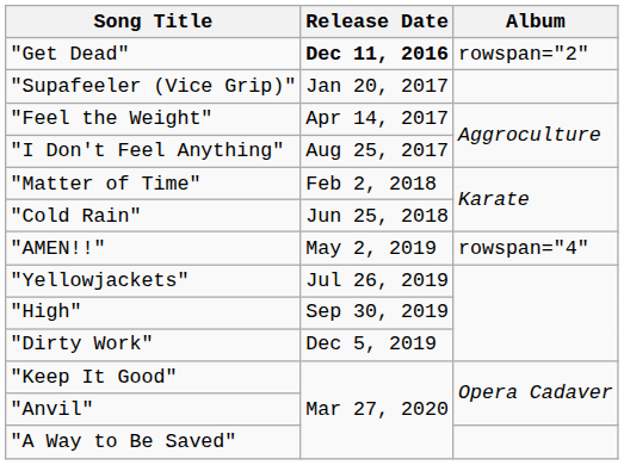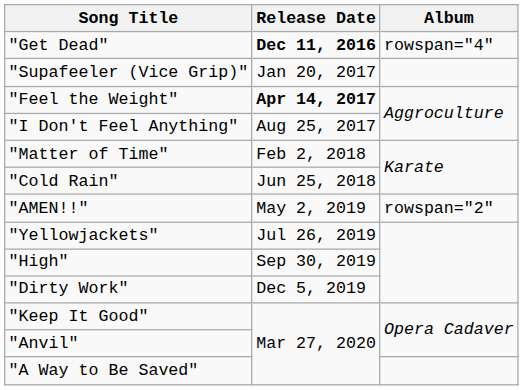 <table class="wikitable">
 <tr>
 <th>Song Title</th>
 <th>Release Date</th>
 <th>Album</th>
 </tr>
 <tr>
 <td>"Get Dead"</td>
 <td><strong>Dec 11, 2016</strong></td>
-<td>rowspan="2" </td>
+<td>rowspan="4" </td>
 </tr>
 <tr>
 <td>"Supafeeler (Vice Grip)"</td>
 <td>Jan 20, 2017</td>
 </tr>
 <tr>
 <td>"Feel the Weight"</td>
-<td>Apr 14, 2017</td>
+<td><strong>Apr 14, 2017</strong></td>
 <td rowspan="2"><em>Aggroculture</em></td>
 </tr>
 <tr>
 <td>"I Don't Feel Anything"</td>
 <td>Aug 25, 2017</td>
 </tr>
 <tr>
 <td>"Matter of Time"</td>
 <td>Feb 2, 2018</td>
 <td rowspan="2"><em>Karate</em></td>
 </tr>
 <tr>
 <td>"Cold Rain"</td>
 <td>Jun 25, 2018</td>
 </tr>
 <tr>
 <td>"AMEN!!"</td>
 <td>May 2, 2019</td>
-<td>rowspan="4" </td>
+<td>rowspan="2" </td>
 </tr>
 <tr>
 <td>"Yellowjackets"</td>
 <td>Jul 26, 2019</td>
 </tr>
 <tr>
 <td>"High"</td>
 <td>Sep 30, 2019</td>
 </tr>
 <tr>
 <td>"Dirty Work"</td>
 <td>Dec 5, 2019</td>
 </tr>
 <tr>
 <td>"Keep It Good"</td>
 <td rowspan="3">Mar 27, 2020</td>
 <td rowspan="2"><em>Opera Cadaver</em></td>
 </tr>
 <tr>
 <td>"Anvil"</td>
 </tr>
 <tr>
 <td>"A Way to Be Saved"</td>
 <td></td>
 </tr>
 </table>
